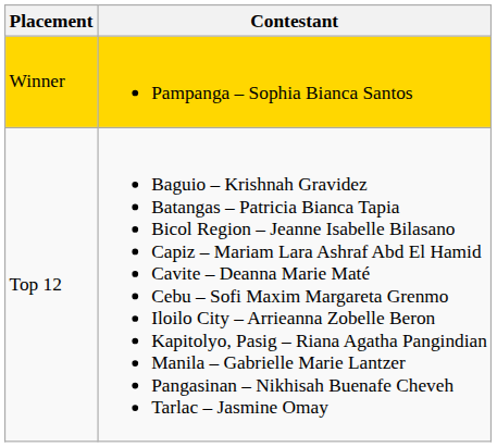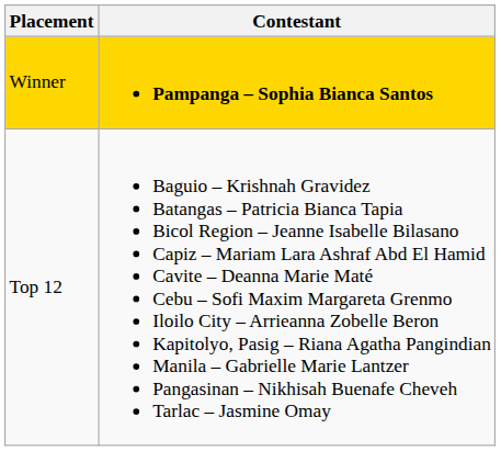 <table class="wikitable sortable" style="font-size:95%;">
 <tr>
 <th>Placement</th>
 <th>Contestant</th>
 </tr>
 <tr style="background:gold;">
 <td>Winner</td>
-<td><br><ul><li>Pampanga – Sophia Bianca Santos</li></ul></td>
+<td><strong><br><ul><li>Pampanga – Sophia Bianca Santos</li></ul></strong></td>
 </tr>
 <tr>
 <td>Top 12</td>
 <td><br><ul><li>Baguio – Krishnah Gravidez</li><li>Batangas – Patricia Bianca Tapia</li><li>Bicol Region – Jeanne Isabelle Bilasano</li><li>Capiz – Mariam Lara Ashraf Abd El Hamid</li><li>Cavite – Deanna Marie Maté</li><li>Cebu – Sofi Maxim Margareta Grenmo</li><li>Iloilo City – Arrieanna Zobelle Beron</li><li>Kapitolyo, Pasig – Riana Agatha Pangindian</li><li>Manila – Gabrielle Marie Lantzer</li><li>Pangasinan – Nikhisah Buenafe Cheveh</li><li>Tarlac – Jasmine Omay</li></ul></td>
 </tr>
 </table>
